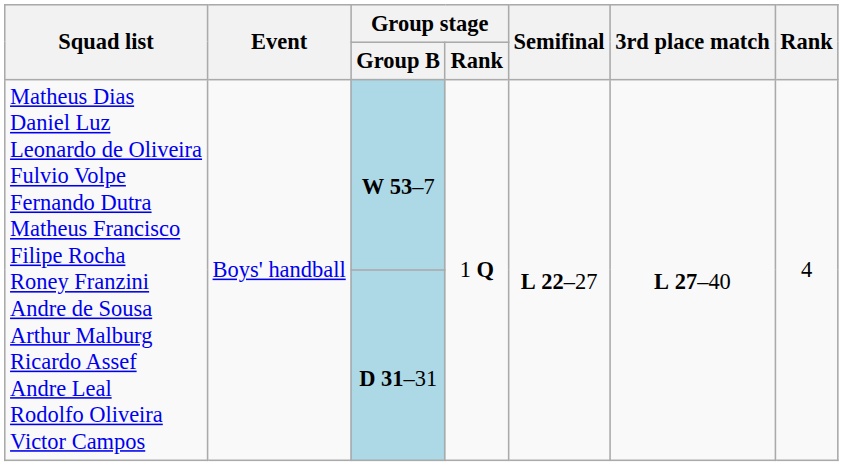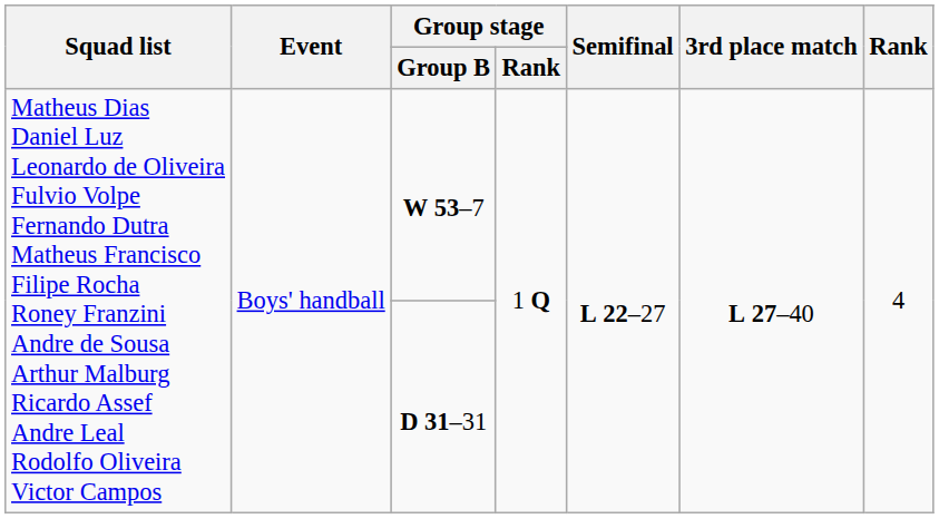 <table class=wikitable style="font-size:90%">
 <tr>
 <th rowspan=2>Squad list</th>
 <th rowspan=2>Event</th>
 <th colspan=2>Group stage</th>
 <th rowspan=2>Semifinal</th>
 <th rowspan=2>3rd place match</th>
 <th rowspan=2>Rank</th>
 </tr>
 <tr>
 <th>Group B</th>
 <th>Rank</th>
 </tr>
 <tr>
 <td rowspan=2><a href='#'>Matheus Dias</a><br><a href='#'>Daniel Luz</a><br><a href='#'>Leonardo de Oliveira</a><br><a href='#'>Fulvio Volpe</a><br><a href='#'>Fernando Dutra</a><br><a href='#'>Matheus Francisco</a><br><a href='#'>Filipe Rocha</a><br><a href='#'>Roney Franzini</a><br><a href='#'>Andre de Sousa</a><br><a href='#'>Arthur Malburg</a><br><a href='#'>Ricardo Assef</a><br><a href='#'>Andre Leal</a><br><a href='#'>Rodolfo Oliveira</a><br><a href='#'>Victor Campos</a></td>
 <td rowspan=2><a href='#'>Boys' handball</a></td>
-<td align=center style="background: lightblue;"><br> <strong>W</strong> <strong>53</strong>–7</td>
+<td align=center><br> <strong>W</strong> <strong>53</strong>–7</td>
 <td rowspan=2 align=center>1 <strong>Q</strong></td>
 <td rowspan=2 align=center><br> <strong>L</strong> <strong>22</strong>–27</td>
 <td rowspan=2 align=center><br> <strong>L</strong> <strong>27</strong>–40</td>
 <td rowspan=2 align=center>4</td>
 </tr>
 <tr>
-<td align=center style="background: lightblue;"><br> <strong>D</strong> <strong>31</strong>–31</td>
+<td align=center><br> <strong>D</strong> <strong>31</strong>–31</td>
 </tr>
 </table>
